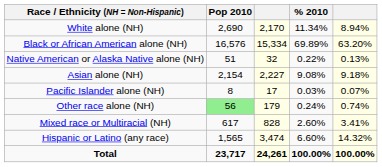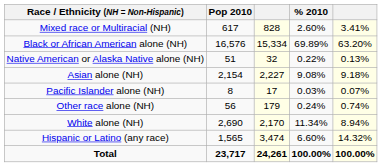 <table class="wikitable" style="text-align:center;">
 <tr>
 <th>Race / Ethnicity <small>(<em>NH = Non-Hispanic</em>)</small></th>
 <th>Pop 2010</th>
 <th></th>
 <th>% 2010</th>
 <th></th>
 </tr>
 <tr>
-<td><a href='#'>White</a> alone (NH)</td>
-<td>2,690</td>
-<td style='background: #ffffe6;'>2,170</td>
-<td>11.34%</td>
-<td style='background: #ffffe6;'>8.94%</td>
+<td><a href='#'>Mixed race or Multiracial</a> (NH)</td>
+<td>617</td>
+<td style='background: #ffffe6;'>828</td>
+<td>2.60%</td>
+<td style='background: #ffffe6;'>3.41%</td>
 </tr>
 <tr>
 <td><a href='#'>Black or African American</a> alone (NH)</td>
 <td>16,576</td>
 <td style='background: #ffffe6;'>15,334</td>
 <td>69.89%</td>
 <td style='background: #ffffe6;'>63.20%</td>
 </tr>
 <tr>
 <td><a href='#'>Native American</a> or <a href='#'>Alaska Native</a> alone (NH)</td>
 <td>51</td>
 <td style='background: #ffffe6;'>32</td>
 <td>0.22%</td>
 <td style='background: #ffffe6;'>0.13%</td>
 </tr>
 <tr>
 <td><a href='#'>Asian</a> alone (NH)</td>
 <td>2,154</td>
 <td style='background: #ffffe6;'>2,227</td>
 <td>9.08%</td>
 <td style='background: #ffffe6;'>9.18%</td>
 </tr>
 <tr>
 <td><a href='#'>Pacific Islander</a> alone (NH)</td>
 <td>8</td>
 <td style='background: #ffffe6;'>17</td>
 <td>0.03%</td>
 <td style='background: #ffffe6;'>0.07%</td>
 </tr>
 <tr>
 <td><a href='#'>Other race</a> alone (NH)</td>
-<td style="background: lightgreen;">56</td>
+<td>56</td>
 <td style='background: #ffffe6;'>179</td>
 <td>0.24%</td>
 <td style='background: #ffffe6;'>0.74%</td>
 </tr>
 <tr>
-<td><a href='#'>Mixed race or Multiracial</a> (NH)</td>
-<td>617</td>
-<td style='background: #ffffe6;'>828</td>
-<td>2.60%</td>
-<td style='background: #ffffe6;'>3.41%</td>
+<td><a href='#'>White</a> alone (NH)</td>
+<td>2,690</td>
+<td style='background: #ffffe6;'>2,170</td>
+<td>11.34%</td>
+<td style='background: #ffffe6;'>8.94%</td>
 </tr>
 <tr>
 <td><a href='#'>Hispanic or Latino</a> (any race)</td>
 <td>1,565</td>
 <td style='background: #ffffe6;'>3,474</td>
 <td>6.60%</td>
 <td style='background: #ffffe6;'>14.32%</td>
 </tr>
 <tr>
 <td><strong>Total</strong></td>
 <td><strong>23,717</strong></td>
 <td style='background: #ffffe6;'><strong>24,261</strong></td>
 <td><strong>100.00%</strong></td>
 <td style='background: #ffffe6;'><strong>100.00%</strong></td>
 </tr>
 </table>
